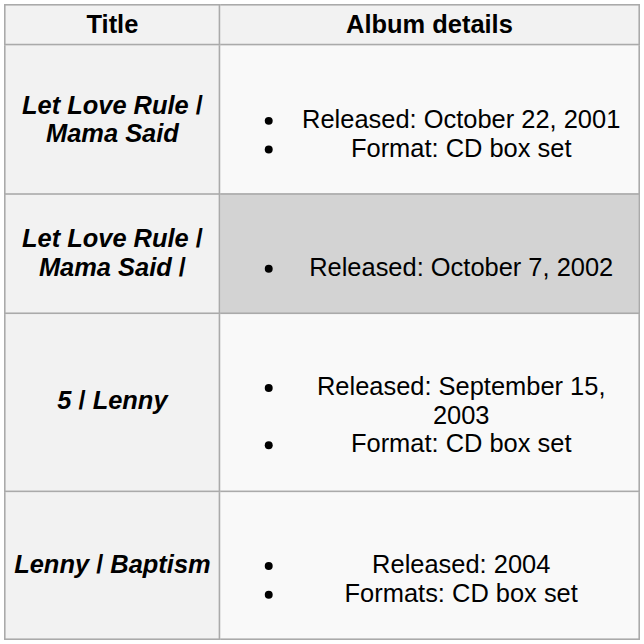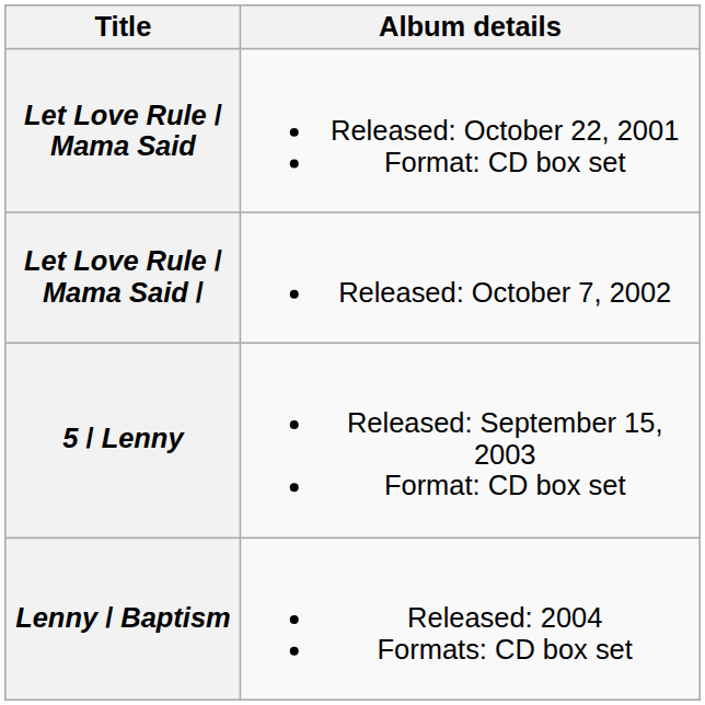 <table class="wikitable plainrowheaders" style="text-align:center;" border="1">
 <tr>
 <th scope="col" style="width:8em;">Title</th>
 <th scope="col" style="width:16em;">Album details</th>
 </tr>
 <tr>
 <th scope="row"><em>Let Love Rule</em> / <em>Mama Said</em></th>
 <td><br><ul><li>Released: October 22, 2001</li><li>Format: CD box set</li></ul></td>
 </tr>
 <tr>
 <th scope="row"><em>Let Love Rule</em> / <em>Mama Said</em> / </th>
-<td style="background: lightgrey;"><br><ul><li>Released: October 7, 2002</li></ul></td>
+<td><br><ul><li>Released: October 7, 2002</li></ul></td>
 </tr>
 <tr>
 <th scope="row"><em>5</em> / <em>Lenny</em></th>
 <td><br><ul><li>Released: September 15, 2003</li><li>Format: CD box set</li></ul></td>
 </tr>
 <tr>
 <th scope="row"><em>Lenny</em> / <em>Baptism</em></th>
 <td><br><ul><li>Released: 2004</li><li>Formats: CD box set</li></ul></td>
 </tr>
 </table>
